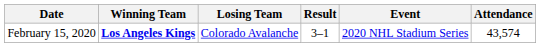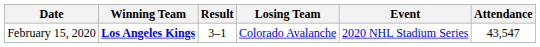 <table class="wikitable" align=center style="margin-left:15px; text-align:center; background:#ffffff;">
 <tr>
 <th style="text-align:center; ">Date</th>
 <th style="text-align:center; ">Winning Team</th>
+<th style="text-align:center; ">Result</th>
 <th style="text-align:center; ">Losing Team</th>
-<th style="text-align:center; ">Result</th>
 <th style="text-align:center; ">Event</th>
 <th style="text-align:center; ">Attendance</th>
 </tr>
 <tr>
 <td>February 15, 2020</td>
 <td><strong><a href='#'>Los Angeles Kings</a></strong></td>
+<td>3–1</td>
 <td><a href='#'>Colorado Avalanche</a></td>
-<td>3–1</td>
 <td><a href='#'>2020 NHL Stadium Series</a></td>
-<td>43,574</td>
+<td>43,547</td>
 </tr>
 </table>
